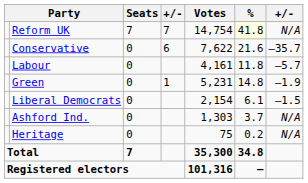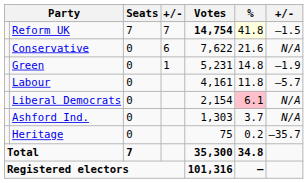 <table class="wikitable sortable">
 <tr>
 <th colspan="2">Party</th>
 <th>Seats</th>
 <th>+/-</th>
 <th>Votes</th>
 <th>%</th>
 <th>+/-</th>
 </tr>
 <tr>
 <td style="background-color: "></td>
 <td><a href='#'>Reform UK</a></td>
 <td>7</td>
 <td> 7</td>
-<td style="text-align:right;">14,754</td>
+<td style="text-align:right;"><strong>14,754</strong></td>
 <td style="background: lightyellow; text-align:right;">41.8</td>
-<td style="text-align:right;"><em>N/A</em></td>
+<td style="text-align:right;">–1.5</td>
 </tr>
 <tr>
 <td style="background-color: "></td>
 <td><a href='#'>Conservative</a></td>
 <td>0</td>
 <td> 6</td>
 <td style="text-align:right;">7,622</td>
 <td style="text-align:right;">21.6</td>
-<td style="text-align:right;">–35.7</td>
+<td style="text-align:right;"><em>N/A</em></td>
+</tr>
+<tr>
+<td style="background-color: "></td>
+<td><a href='#'>Green</a></td>
+<td>0</td>
+<td> 1</td>
+<td style="text-align:right;">5,231</td>
+<td style="text-align:right;">14.8</td>
+<td style="text-align:right;">–1.9</td>
 </tr>
 <tr>
 <td style="background-color: "></td>
 <td><a href='#'>Labour</a></td>
 <td>0</td>
 <td></td>
 <td style="text-align:right;">4,161</td>
 <td style="text-align:right;">11.8</td>
 <td style="text-align:right;">–5.7</td>
 </tr>
 <tr>
 <td style="background-color: "></td>
-<td><a href='#'>Green</a></td>
-<td>0</td>
-<td> 1</td>
-<td style="text-align:right;">5,231</td>
-<td style="text-align:right;">14.8</td>
-<td style="text-align:right;">–1.9</td>
-</tr>
-<tr>
-<td style="background-color: "></td>
 <td><a href='#'>Liberal Democrats</a></td>
 <td>0</td>
 <td></td>
 <td style="text-align:right;">2,154</td>
-<td style="text-align:right;">6.1</td>
-<td style="text-align:right;">–1.5</td>
+<td style="background: pink; text-align:right;">6.1</td>
+<td style="text-align:right;"><em>N/A</em></td>
 </tr>
 <tr>
 <td style="background-color: "></td>
 <td><a href='#'>Ashford Ind.</a></td>
 <td>0</td>
 <td></td>
 <td style="text-align:right;">1,303</td>
 <td style="text-align:right;">3.7</td>
 <td style="text-align:right;"><em>N/A</em></td>
 </tr>
 <tr>
 <td style="background-color: "></td>
 <td><a href='#'>Heritage</a></td>
 <td>0</td>
 <td></td>
 <td style="text-align:right;">75</td>
 <td style="text-align:right;">0.2</td>
-<td style="text-align:right;"><em>N/A</em></td>
+<td style="text-align:right;">–35.7</td>
 </tr>
 <tr>
 <td colspan="2"><strong>Total</strong></td>
 <td><strong>7</strong></td>
 <td></td>
 <td style="text-align:right;"><strong>35,300</strong></td>
 <td style="text-align:right;"><strong>34.8</strong></td>
 <td style="text-align:right;"></td>
 </tr>
 <tr>
 <td colspan="4"><strong>Registered electors</strong></td>
 <td style="text-align:right;"><strong>101,316</strong></td>
 <td style="text-align:right;"><strong>–</strong></td>
 <td style="text-align:right;"></td>
 </tr>
 </table>
